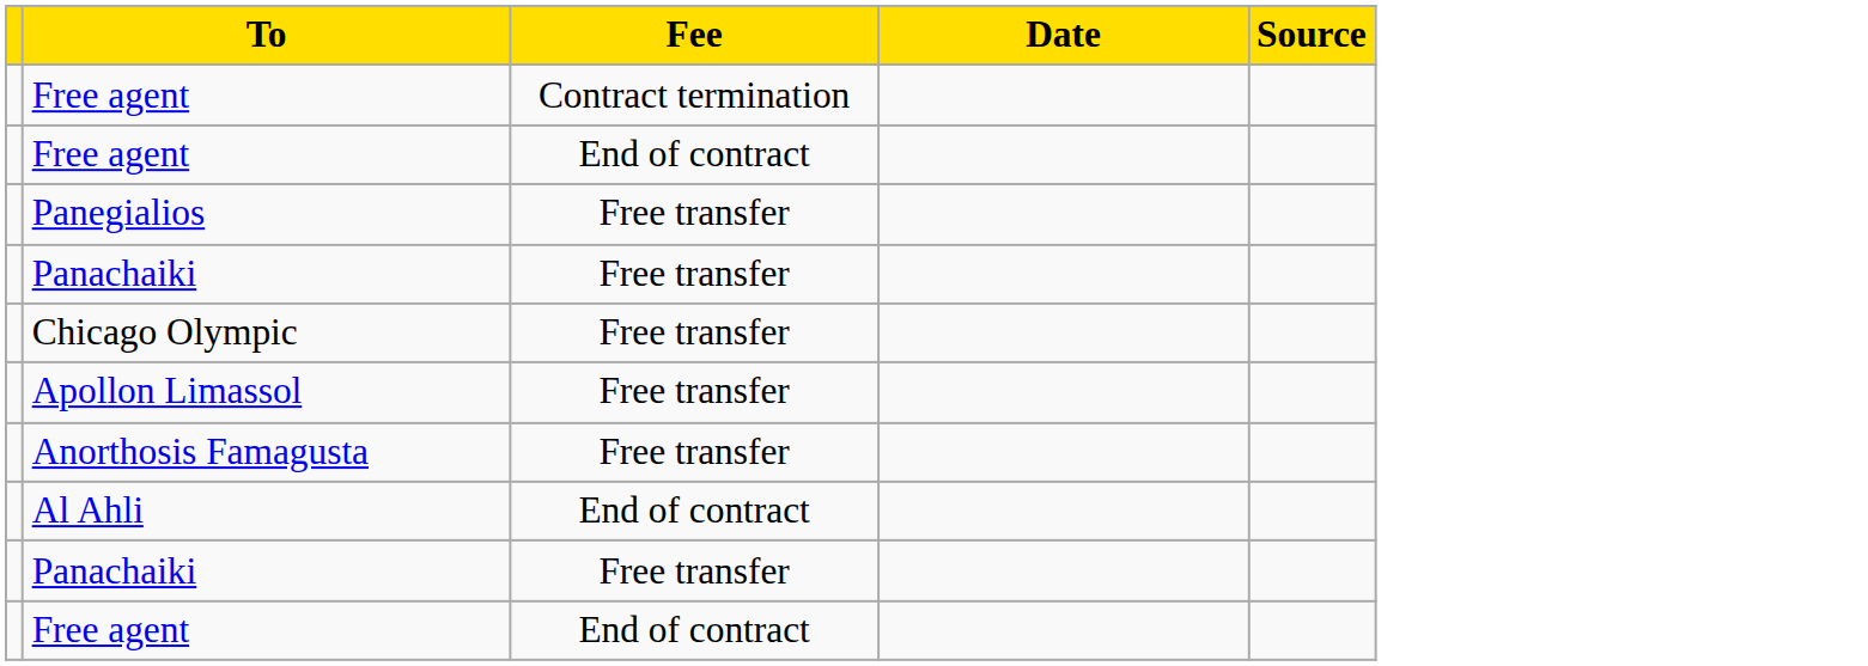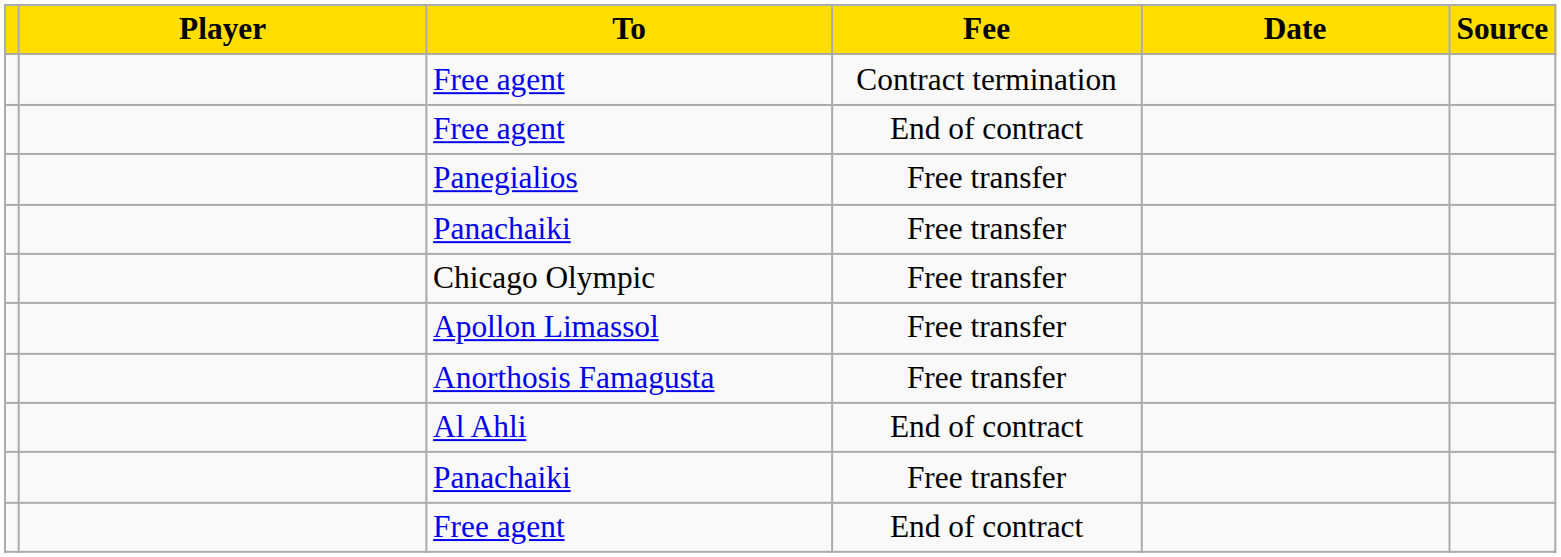 <table class="wikitable sortable">
 <tr>
 <th style="background:#FFDE00"></th>
+<th width=200 style="background:#FFDE00">Player</th>
 <th width=200 style="background:#FFDE00">To</th>
 <th width=150 style="background:#FFDE00">Fee</th>
 <th width=150 style="background:#FFDE00">Date</th>
 <th style="background:#FFDE00">Source</th>
 </tr>
 <tr>
 <td align=center></td>
+<td></td>
 <td><a href='#'>Free agent</a></td>
 <td align=center>Contract termination</td>
 <td align=center></td>
 <td align=center></td>
 </tr>
 <tr>
 <td align=center></td>
+<td></td>
 <td><a href='#'>Free agent</a></td>
 <td align=center>End of contract</td>
 <td align=center></td>
 <td align=center></td>
 </tr>
 <tr>
 <td align=center></td>
+<td></td>
 <td> <a href='#'>Panegialios</a></td>
 <td align=center>Free transfer</td>
 <td align=center></td>
 <td align=center></td>
 </tr>
 <tr>
 <td align=center></td>
+<td></td>
 <td> <a href='#'>Panachaiki</a></td>
 <td align=center>Free transfer</td>
 <td align=center></td>
 <td align=center></td>
 </tr>
 <tr>
 <td align=center></td>
+<td></td>
 <td> Chicago Olympic</td>
 <td align=center>Free transfer</td>
 <td align=center></td>
 <td align=center></td>
 </tr>
 <tr>
 <td align=center></td>
+<td></td>
 <td> <a href='#'>Apollon Limassol</a></td>
 <td align=center>Free transfer</td>
 <td align=center></td>
 <td align=center></td>
 </tr>
 <tr>
 <td align=center></td>
+<td></td>
 <td> <a href='#'>Anorthosis Famagusta</a></td>
 <td align=center>Free transfer</td>
 <td align=center></td>
 <td align=center></td>
 </tr>
 <tr>
 <td align=center></td>
+<td></td>
 <td> <a href='#'>Al Ahli</a></td>
 <td align=center>End of contract</td>
 <td align=center></td>
 <td align=center></td>
 </tr>
 <tr>
 <td align=center></td>
+<td></td>
 <td> <a href='#'>Panachaiki</a></td>
 <td align=center>Free transfer</td>
 <td align=center></td>
 <td align=center></td>
 </tr>
 <tr>
 <td align=center></td>
+<td></td>
 <td><a href='#'>Free agent</a></td>
 <td align=center>End of contract</td>
 <td align=center></td>
 <td align=center></td>
 </tr>
 </table>
